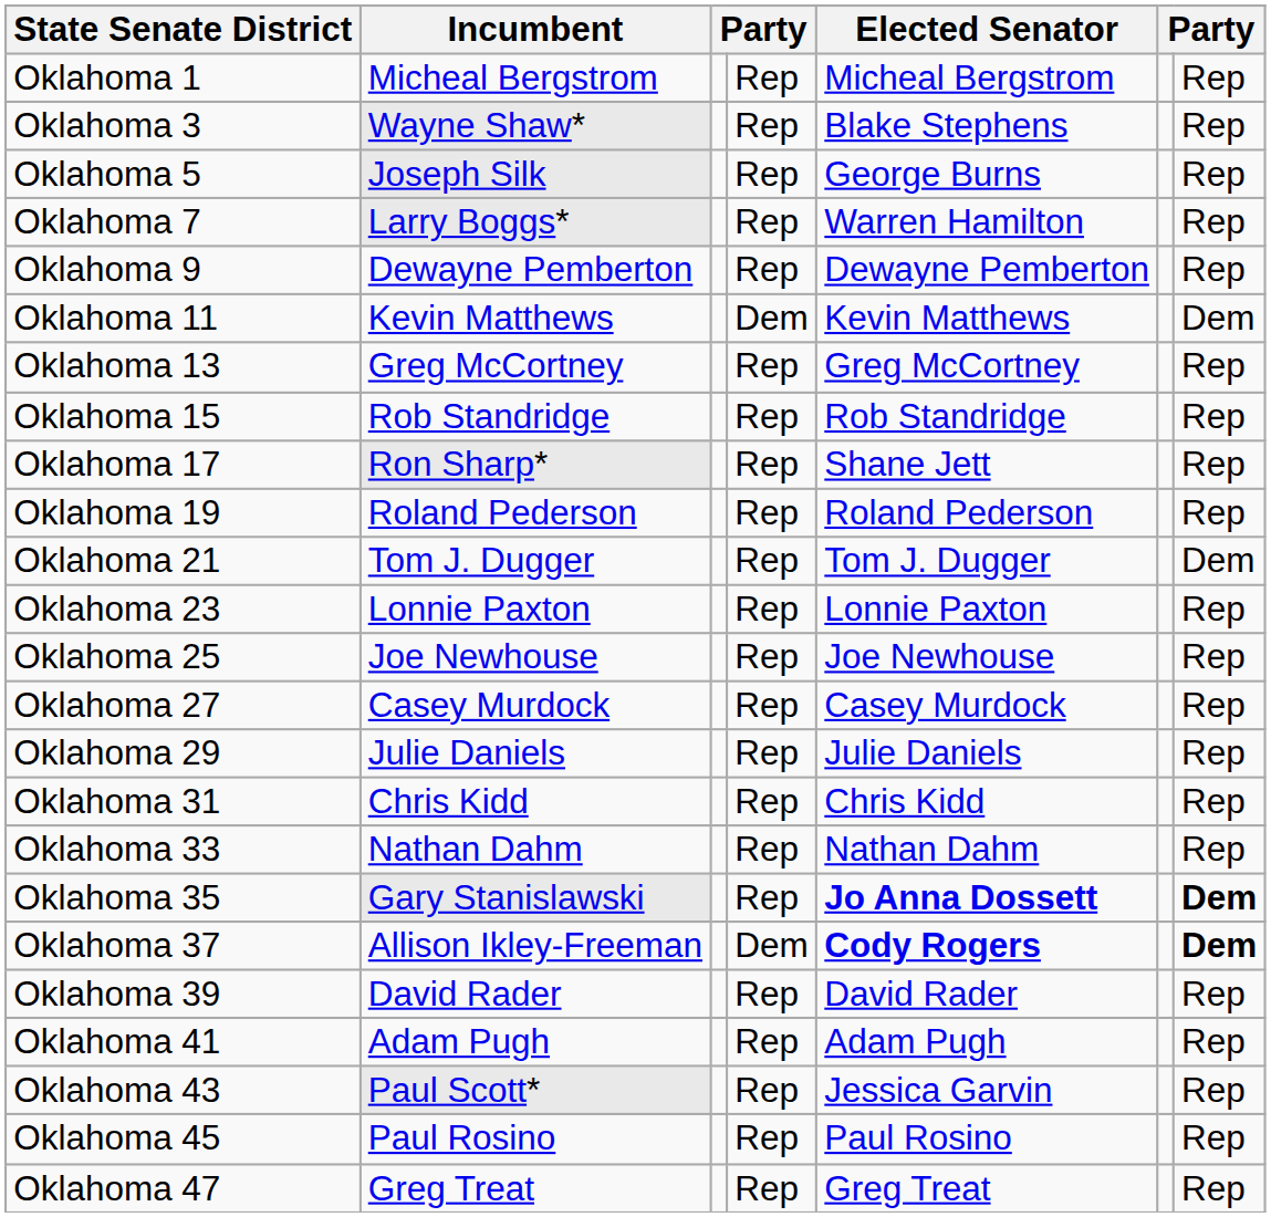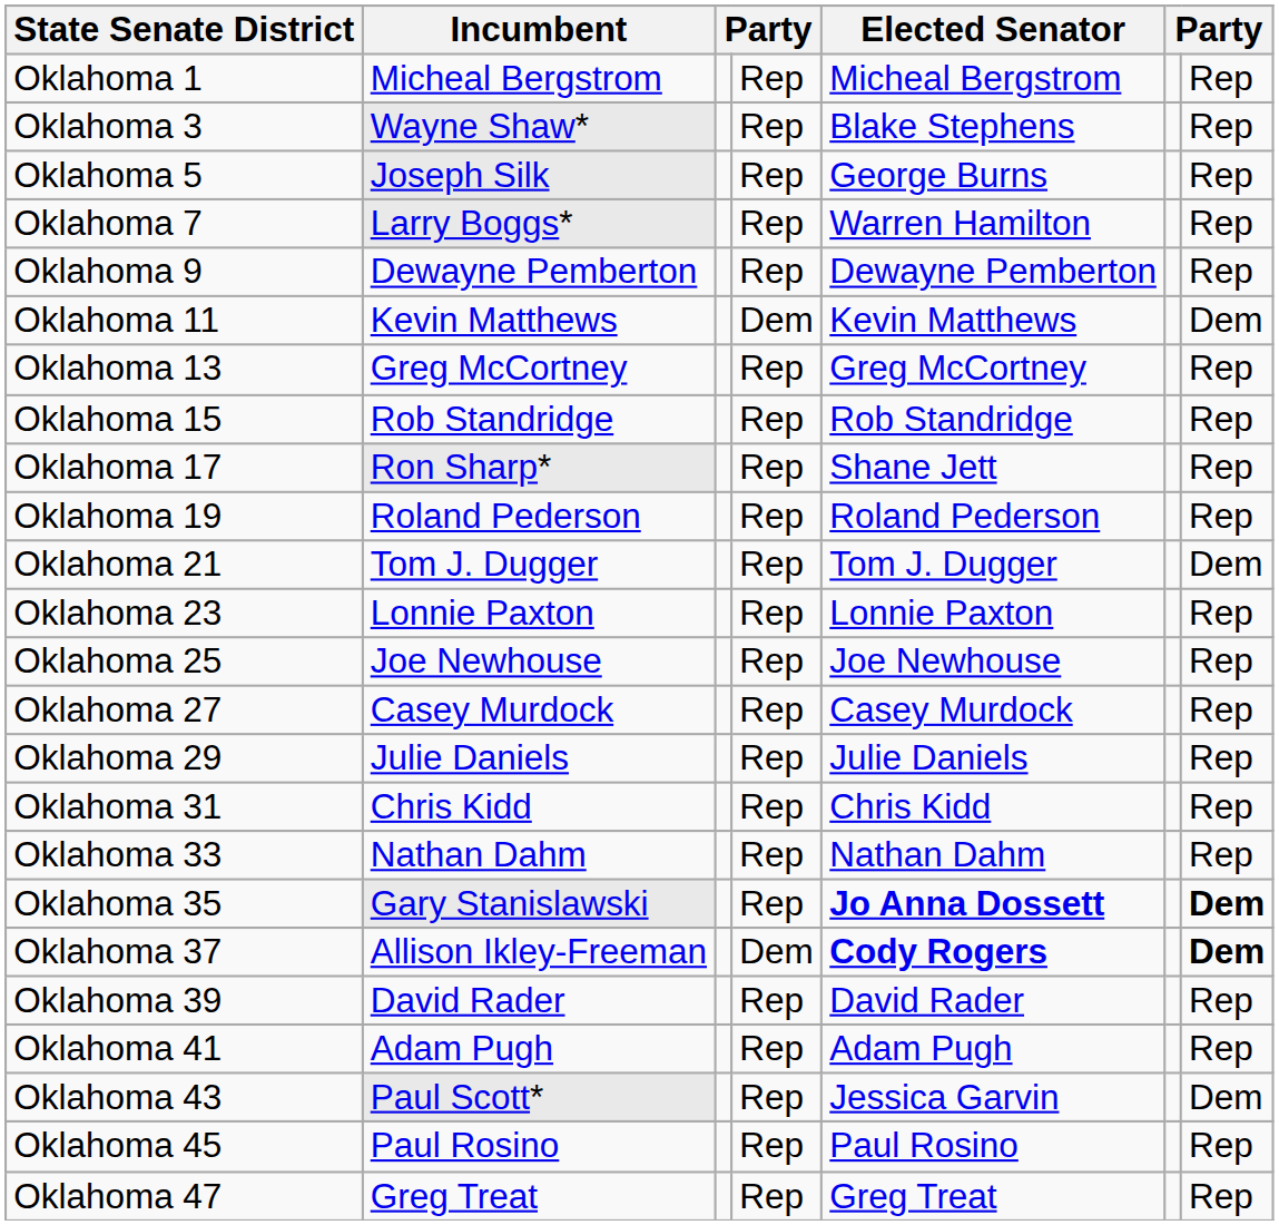 <table class="sortable wikitable" style="font-size:95%;line-height:14px;">
 <tr>
 <th colspan="1">State Senate District</th>
 <th class="unsortable">Incumbent</th>
 <th colspan="2">Party</th>
 <th class="unsortable">Elected Senator</th>
 <th colspan="2">Party</th>
 </tr>
 <tr>
 <td>Oklahoma 1</td>
 <td><a href='#'>Micheal Bergstrom</a></td>
 <td style="background:"></td>
 <td>Rep</td>
 <td><a href='#'>Micheal Bergstrom</a></td>
 <td style="background:"></td>
 <td>Rep</td>
 </tr>
 <tr>
 <td>Oklahoma 3</td>
 <td style="background:#E9E9E9;"><a href='#'>Wayne Shaw</a>*</td>
 <td style="background:"></td>
 <td>Rep</td>
 <td><a href='#'>Blake Stephens</a></td>
 <td style="background:"></td>
 <td>Rep</td>
 </tr>
 <tr>
 <td>Oklahoma 5</td>
 <td style="background:#E9E9E9;"><a href='#'>Joseph Silk</a></td>
 <td style="background:"></td>
 <td>Rep</td>
 <td><a href='#'>George Burns</a></td>
 <td style="background:"></td>
 <td>Rep</td>
 </tr>
 <tr>
 <td>Oklahoma 7</td>
 <td style="background:#E9E9E9;"><a href='#'>Larry Boggs</a>*</td>
 <td style="background:"></td>
 <td>Rep</td>
 <td><a href='#'>Warren Hamilton</a></td>
 <td style="background:"></td>
 <td>Rep</td>
 </tr>
 <tr>
 <td>Oklahoma 9</td>
 <td><a href='#'>Dewayne Pemberton</a></td>
 <td style="background:"></td>
 <td>Rep</td>
 <td><a href='#'>Dewayne Pemberton</a></td>
 <td style="background:"></td>
 <td>Rep</td>
 </tr>
 <tr>
 <td>Oklahoma 11</td>
 <td><a href='#'>Kevin Matthews</a></td>
 <td style="background:"></td>
 <td>Dem</td>
 <td><a href='#'>Kevin Matthews</a></td>
 <td style="background:"></td>
 <td>Dem</td>
 </tr>
 <tr>
 <td>Oklahoma 13</td>
 <td><a href='#'>Greg McCortney</a></td>
 <td style="background:"></td>
 <td>Rep</td>
 <td><a href='#'>Greg McCortney</a></td>
 <td style="background:"></td>
 <td>Rep</td>
 </tr>
 <tr>
 <td>Oklahoma 15</td>
 <td><a href='#'>Rob Standridge</a></td>
 <td style="background:"></td>
 <td>Rep</td>
 <td><a href='#'>Rob Standridge</a></td>
 <td style="background:"></td>
 <td>Rep</td>
 </tr>
 <tr>
 <td>Oklahoma 17</td>
 <td style="background:#E9E9E9;"><a href='#'>Ron Sharp</a>*</td>
 <td style="background:"></td>
 <td>Rep</td>
 <td><a href='#'>Shane Jett</a></td>
 <td style="background:"></td>
 <td>Rep</td>
 </tr>
 <tr>
 <td>Oklahoma 19</td>
 <td><a href='#'>Roland Pederson</a></td>
 <td style="background:"></td>
 <td>Rep</td>
 <td><a href='#'>Roland Pederson</a></td>
 <td style="background:"></td>
 <td>Rep</td>
 </tr>
 <tr>
 <td>Oklahoma 21</td>
 <td><a href='#'>Tom J. Dugger</a></td>
 <td style="background:"></td>
 <td>Rep</td>
 <td><a href='#'>Tom J. Dugger</a></td>
 <td style="background:"></td>
 <td>Dem</td>
 </tr>
 <tr>
 <td>Oklahoma 23</td>
 <td><a href='#'>Lonnie Paxton</a></td>
 <td style="background:"></td>
 <td>Rep</td>
 <td><a href='#'>Lonnie Paxton</a></td>
 <td style="background:"></td>
 <td>Rep</td>
 </tr>
 <tr>
 <td>Oklahoma 25</td>
 <td><a href='#'>Joe Newhouse</a></td>
 <td style="background:"></td>
 <td>Rep</td>
 <td><a href='#'>Joe Newhouse</a></td>
 <td style="background:"></td>
 <td>Rep</td>
 </tr>
 <tr>
 <td>Oklahoma 27</td>
 <td><a href='#'>Casey Murdock</a></td>
 <td style="background:"></td>
 <td>Rep</td>
 <td><a href='#'>Casey Murdock</a></td>
 <td style="background:"></td>
 <td>Rep</td>
 </tr>
 <tr>
 <td>Oklahoma 29</td>
 <td><a href='#'>Julie Daniels</a></td>
 <td style="background:"></td>
 <td>Rep</td>
 <td><a href='#'>Julie Daniels</a></td>
 <td style="background:"></td>
 <td>Rep</td>
 </tr>
 <tr>
 <td>Oklahoma 31</td>
 <td><a href='#'>Chris Kidd</a></td>
 <td style="background:"></td>
 <td>Rep</td>
 <td><a href='#'>Chris Kidd</a></td>
 <td style="background:"></td>
 <td>Rep</td>
 </tr>
 <tr>
 <td>Oklahoma 33</td>
 <td><a href='#'>Nathan Dahm</a></td>
 <td style="background:"></td>
 <td>Rep</td>
 <td><a href='#'>Nathan Dahm</a></td>
 <td style="background:"></td>
 <td>Rep</td>
 </tr>
 <tr>
 <td>Oklahoma 35</td>
 <td style="background:#E9E9E9;"><a href='#'>Gary Stanislawski</a></td>
 <td style="background:"></td>
 <td>Rep</td>
 <td><strong><a href='#'>Jo Anna Dossett</a></strong></td>
 <td style="background:"></td>
 <td><strong>Dem</strong></td>
 </tr>
 <tr>
 <td>Oklahoma 37</td>
 <td><a href='#'>Allison Ikley-Freeman</a></td>
 <td style="background:"></td>
 <td>Dem</td>
 <td><strong><a href='#'>Cody Rogers</a></strong></td>
 <td style="background:"></td>
 <td><strong>Dem</strong></td>
 </tr>
 <tr>
 <td>Oklahoma 39</td>
 <td><a href='#'>David Rader</a></td>
 <td style="background:"></td>
 <td>Rep</td>
 <td><a href='#'>David Rader</a></td>
 <td style="background:"></td>
 <td>Rep</td>
 </tr>
 <tr>
 <td>Oklahoma 41</td>
 <td><a href='#'>Adam Pugh</a></td>
 <td style="background:"></td>
 <td>Rep</td>
 <td><a href='#'>Adam Pugh</a></td>
 <td style="background:"></td>
 <td>Rep</td>
 </tr>
 <tr>
 <td>Oklahoma 43</td>
 <td style="background:#E9E9E9;"><a href='#'>Paul Scott</a>*</td>
 <td style="background:"></td>
 <td>Rep</td>
 <td><a href='#'>Jessica Garvin</a></td>
 <td style="background:"></td>
-<td>Rep</td>
+<td>Dem</td>
 </tr>
 <tr>
 <td>Oklahoma 45</td>
 <td><a href='#'>Paul Rosino</a></td>
 <td style="background:"></td>
 <td>Rep</td>
 <td><a href='#'>Paul Rosino</a></td>
 <td style="background:"></td>
 <td>Rep</td>
 </tr>
 <tr>
 <td>Oklahoma 47</td>
 <td><a href='#'>Greg Treat</a></td>
 <td style="background:"></td>
 <td>Rep</td>
 <td><a href='#'>Greg Treat</a></td>
 <td style="background:"></td>
 <td>Rep</td>
 </tr>
 </table>
